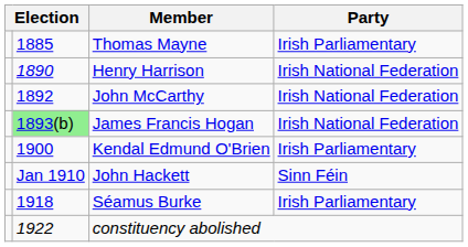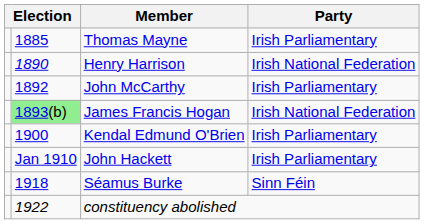 <table class="wikitable">
 <tr>
 <th colspan="2">Election</th>
 <th>Member</th>
 <th>Party</th>
 </tr>
 <tr>
 <td style="color:inherit;background-color: "></td>
 <td><a href='#'>1885</a></td>
 <td><a href='#'>Thomas Mayne</a></td>
 <td><a href='#'>Irish Parliamentary</a></td>
 </tr>
 <tr>
 <td style="color:inherit;background-color: "></td>
 <td><em><a href='#'>1890</a></em></td>
 <td><a href='#'>Henry Harrison</a></td>
 <td><a href='#'>Irish National Federation</a></td>
 </tr>
 <tr>
 <td style="color:inherit;background-color: "></td>
 <td><a href='#'>1892</a></td>
 <td><a href='#'>John McCarthy</a></td>
-<td><a href='#'>Irish National Federation</a></td>
+<td><a href='#'>Irish Parliamentary</a></td>
 </tr>
 <tr>
 <td style="color:inherit;background-color: "></td>
 <td style="background: lightgreen;"><a href='#'>1893</a>(b)</td>
 <td><a href='#'>James Francis Hogan</a></td>
 <td><a href='#'>Irish National Federation</a></td>
 </tr>
 <tr>
 <td style="color:inherit;background-color: "></td>
 <td><a href='#'>1900</a></td>
 <td><a href='#'>Kendal Edmund O'Brien</a></td>
 <td><a href='#'>Irish Parliamentary</a></td>
 </tr>
 <tr>
 <td style="color:inherit;background-color: "></td>
 <td><a href='#'>Jan 1910</a></td>
 <td><a href='#'>John Hackett</a></td>
-<td><a href='#'>Sinn Féin</a></td>
+<td><a href='#'>Irish Parliamentary</a></td>
 </tr>
 <tr>
 <td style="color:inherit;background-color: "></td>
 <td><a href='#'>1918</a></td>
 <td><a href='#'>Séamus Burke</a></td>
-<td><a href='#'>Irish Parliamentary</a></td>
+<td><a href='#'>Sinn Féin</a></td>
 </tr>
 <tr>
 <td style="color:inherit;background-color: "></td>
 <td><em>1922</em></td>
 <td colspan="2"><em>constituency abolished</em></td>
 </tr>
 </table>
